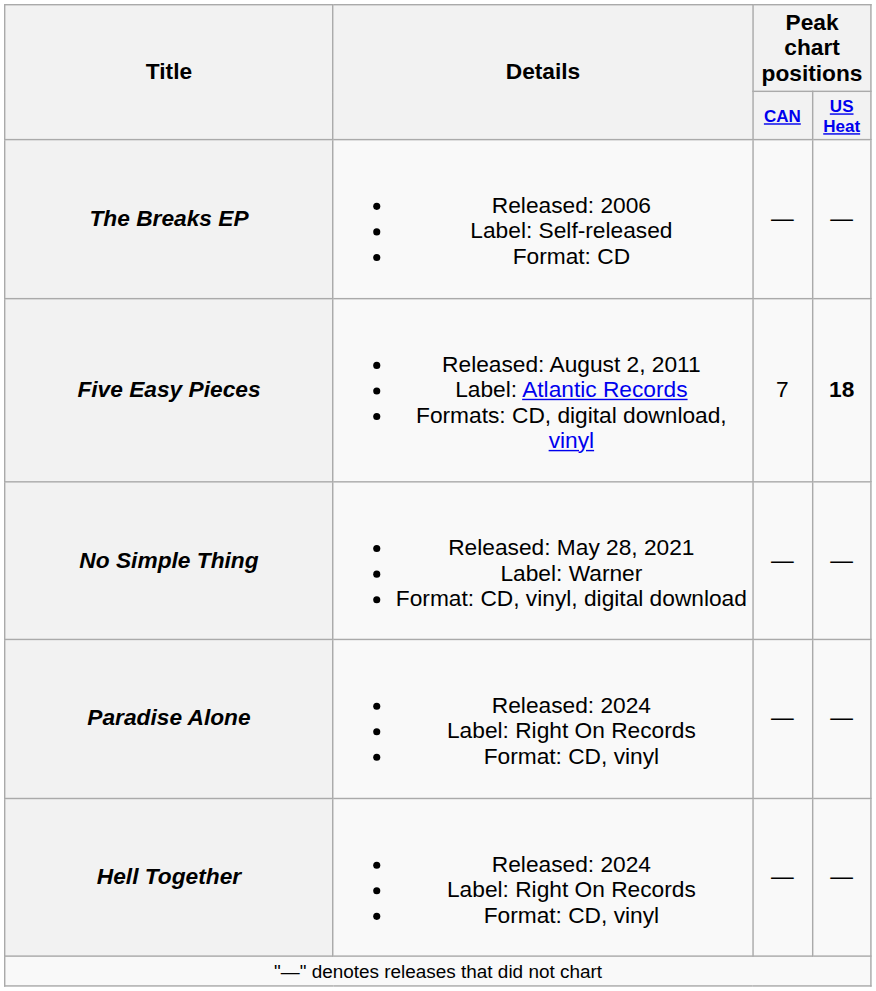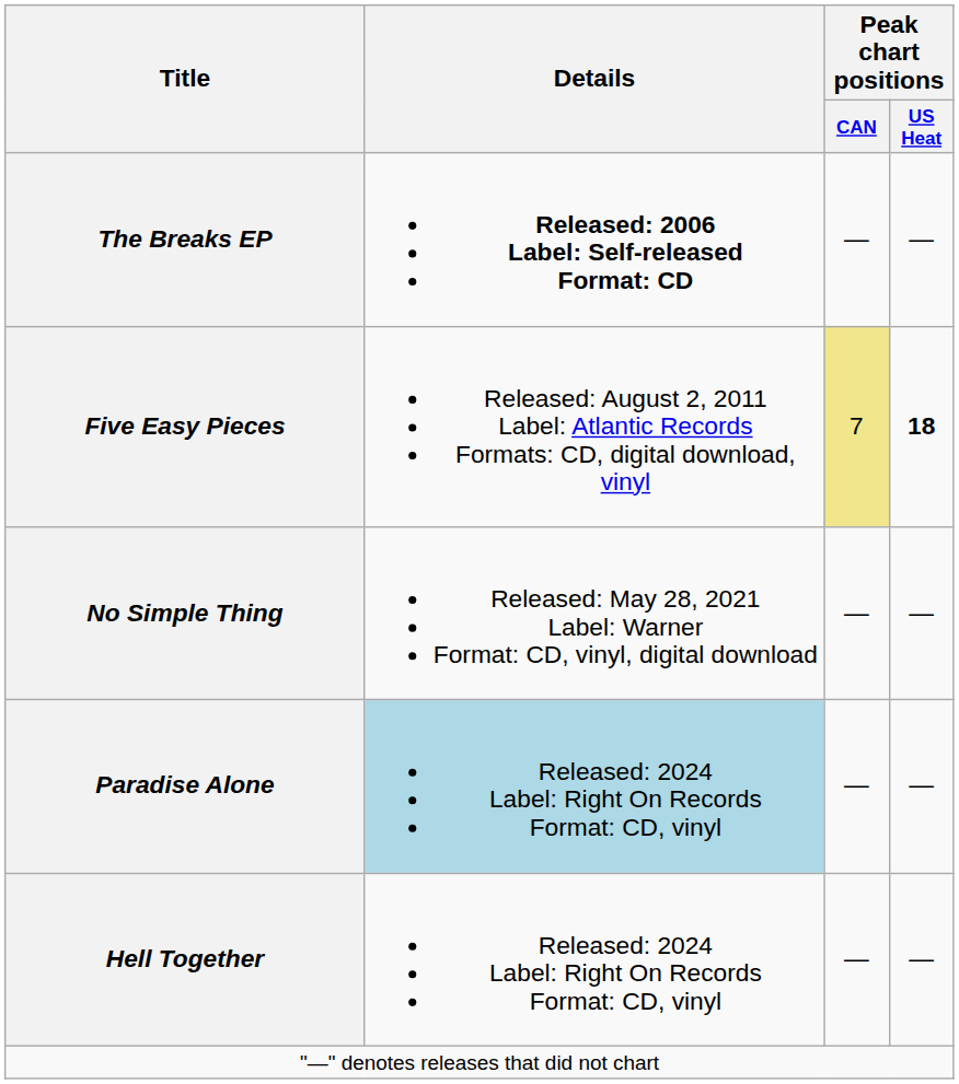 <table class="wikitable plainrowheaders" style="text-align:center;">
 <tr>
 <th rowspan="2" style="width:14em;">Title</th>
 <th rowspan="2" style="width:18em;">Details</th>
 <th scope="col" colspan="2">Peak chart positions</th>
 </tr>
 <tr style="font-size:smaller;">
 <th scope="col" style="width:3em;font-size:90%;"><a href='#'>CAN</a><br></th>
 <th scope="col" style="width:3em;font-size:90%;"><a href='#'>US<br>Heat</a><br></th>
 </tr>
 <tr>
 <th scope="row"><em>The Breaks EP</em></th>
-<td><br><ul><li>Released: 2006</li><li>Label: Self-released</li><li>Format: CD</li></ul></td>
+<td><strong><br><ul><li>Released: 2006</li><li>Label: Self-released</li><li>Format: CD</li></ul></strong></td>
 <td>—</td>
 <td>—</td>
 </tr>
 <tr>
 <th scope="row"><em>Five Easy Pieces</em></th>
 <td><br><ul><li>Released: August 2, 2011</li><li>Label: <a href='#'>Atlantic Records</a></li><li>Formats: CD, digital download, <a href='#'>vinyl</a></li></ul></td>
-<td>7</td>
+<td style="background: khaki;">7</td>
 <td><strong>18</strong></td>
 </tr>
 <tr>
 <th scope="row"><em>No Simple Thing</em></th>
 <td><br><ul><li>Released: May 28, 2021</li><li>Label: Warner</li><li>Format: CD, vinyl, digital download</li></ul></td>
 <td>—</td>
 <td>—</td>
 </tr>
 <tr>
 <th scope="row"><em>Paradise Alone</em></th>
-<td><br><ul><li>Released: 2024</li><li>Label: Right On Records</li><li>Format: CD, vinyl</li></ul></td>
+<td style="background: lightblue;"><br><ul><li>Released: 2024</li><li>Label: Right On Records</li><li>Format: CD, vinyl</li></ul></td>
 <td>—</td>
 <td>—</td>
 </tr>
 <tr>
 <th scope="row"><em>Hell Together</em></th>
 <td><br><ul><li>Released: 2024</li><li>Label: Right On Records</li><li>Format: CD, vinyl</li></ul></td>
 <td>—</td>
 <td>—</td>
 </tr>
 <tr>
 <td colspan="10" style="font-size:10pt">"—" denotes releases that did not chart</td>
 </tr>
 </table>
